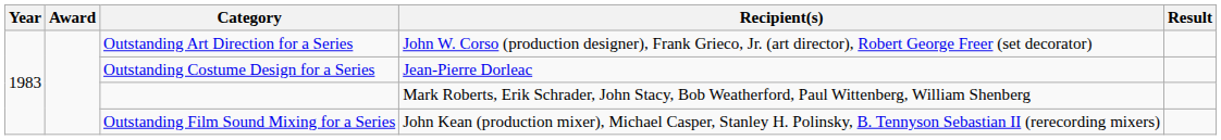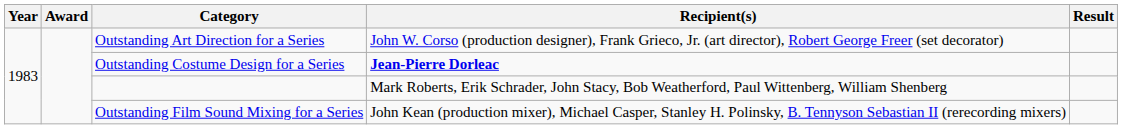 <table class="wikitable">
 <tr>
 <th>Year</th>
 <th>Award</th>
 <th>Category</th>
 <th>Recipient(s)</th>
 <th>Result</th>
 </tr>
 <tr>
 <td rowspan="4">1983</td>
 <td rowspan="4"></td>
 <td><a href='#'>Outstanding Art Direction for a Series</a></td>
 <td><a href='#'>John W. Corso</a> (production designer), Frank Grieco, Jr. (art director), <a href='#'>Robert George Freer</a> (set decorator)</td>
 <td></td>
 </tr>
 <tr>
 <td><a href='#'>Outstanding Costume Design for a Series</a></td>
-<td><a href='#'>Jean-Pierre Dorleac</a></td>
+<td><strong><a href='#'>Jean-Pierre Dorleac</a></strong></td>
 <td></td>
 </tr>
 <tr>
 <td></td>
 <td>Mark Roberts, Erik Schrader, John Stacy, Bob Weatherford, Paul Wittenberg, William Shenberg</td>
 <td></td>
 </tr>
 <tr>
 <td><a href='#'>Outstanding Film Sound Mixing for a Series</a></td>
 <td John Kean (sound mixer)>John Kean (production mixer), Michael Casper, Stanley H. Polinsky, <a href='#'>B. Tennyson Sebastian II</a> (rerecording mixers)</td>
 <td></td>
 </tr>
 </table>
